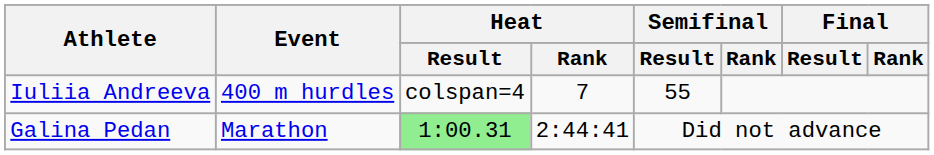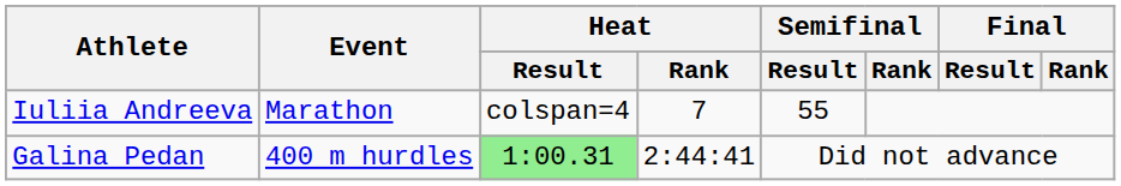 <table class=wikitable style="font-size:90%">
 <tr>
 <th rowspan="2">Athlete</th>
 <th rowspan="2">Event</th>
 <th colspan="2">Heat</th>
 <th colspan="2">Semifinal</th>
 <th colspan="2">Final</th>
 </tr>
 <tr style="font-size:95%">
 <th>Result</th>
 <th>Rank</th>
 <th>Result</th>
 <th>Rank</th>
 <th>Result</th>
 <th>Rank</th>
 </tr>
 <tr align=center>
 <td align=left><a href='#'>Iuliia Andreeva</a></td>
-<td align=left><a href='#'>400 m hurdles</a></td>
+<td align=left><a href='#'>Marathon</a></td>
 <td>colspan=4 </td>
 <td>7</td>
 <td>55</td>
 </tr>
 <tr align=center>
 <td align=left><a href='#'>Galina Pedan</a></td>
-<td align=left><a href='#'>Marathon</a></td>
+<td align=left><a href='#'>400 m hurdles</a></td>
 <td style="background: lightgreen;">1:00.31</td>
 <td>2:44:41</td>
 <td colspan=4>Did not advance</td>
 </tr>
 </table>
